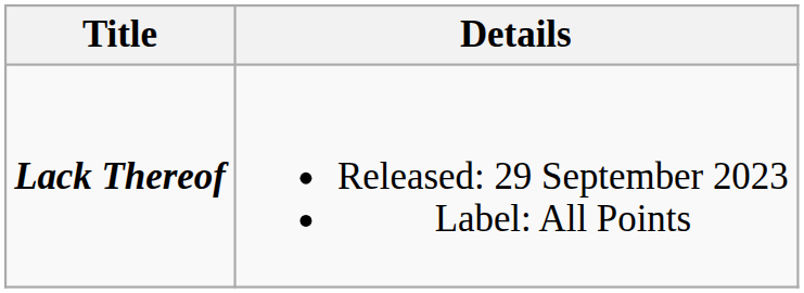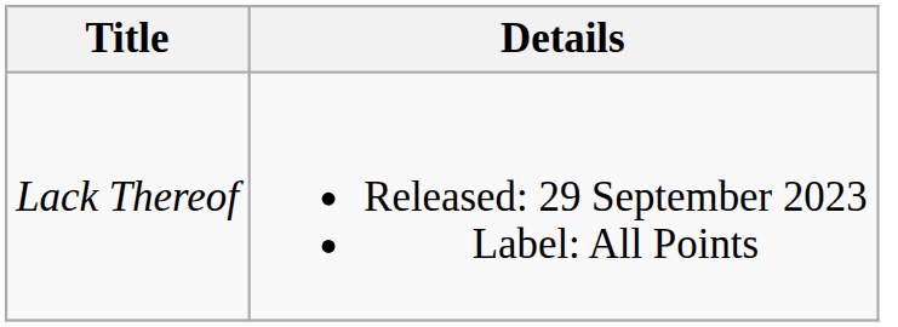 <table class="wikitable plainrowheaders" style="text-align:center;">
 <tr>
 <th rowspan="1" scope="col">Title</th>
 <th rowspan="1" scope="col">Details</th>
 </tr>
 <tr>
-<td scope = "row"><strong><em>Lack Thereof</em></strong></td>
+<td scope = "row"><em>Lack Thereof</em></td>
 <td><br><ul><li>Released: 29 September 2023</li><li>Label: All Points</li></ul></td>
 </tr>
 </table>
